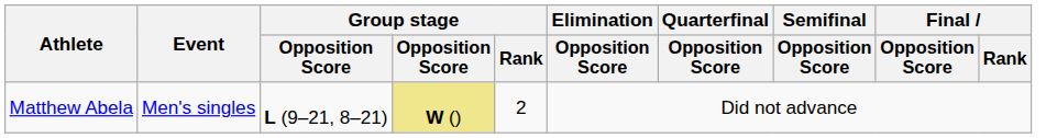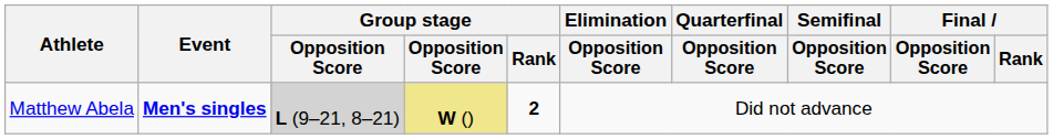 <table class="wikitable" style="font-size:90%">
 <tr>
 <th rowspan=2>Athlete</th>
 <th rowspan=2>Event</th>
 <th colspan=3>Group stage</th>
 <th>Elimination</th>
 <th>Quarterfinal</th>
 <th>Semifinal</th>
 <th colspan=2>Final / </th>
 </tr>
 <tr style="font-size:95%">
 <th>Opposition<br>Score</th>
 <th>Opposition<br>Score</th>
 <th>Rank</th>
 <th>Opposition<br>Score</th>
 <th>Opposition<br>Score</th>
 <th>Opposition<br>Score</th>
 <th>Opposition<br>Score</th>
 <th>Rank</th>
 </tr>
 <tr align=center>
 <td align=left><a href='#'>Matthew Abela</a></td>
-<td align=left><a href='#'>Men's singles</a></td>
-<td><br><strong>L</strong> (9–21, 8–21)</td>
+<td align=left><strong><a href='#'>Men's singles</a></strong></td>
+<td style="background: lightgrey;"><br><strong>L</strong> (9–21, 8–21)</td>
 <td style="background: khaki;"><br><strong>W</strong> ()</td>
-<td>2</td>
+<td><strong>2</strong></td>
 <td colspan=5>Did not advance</td>
 </tr>
 </table>
